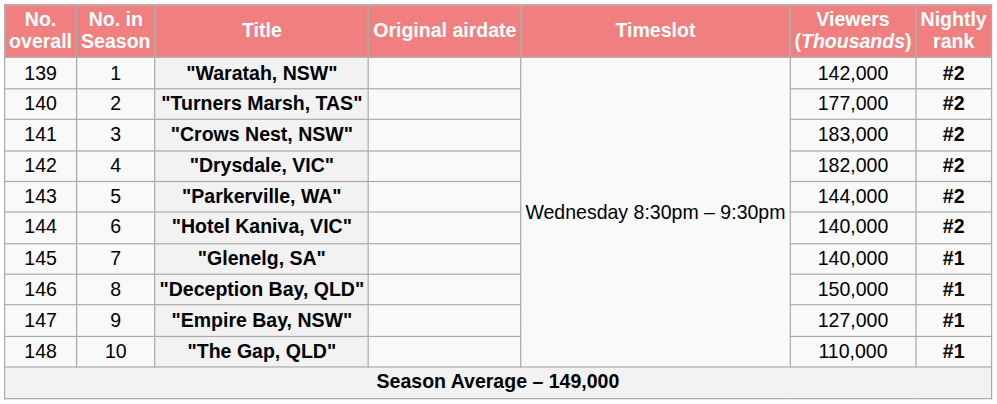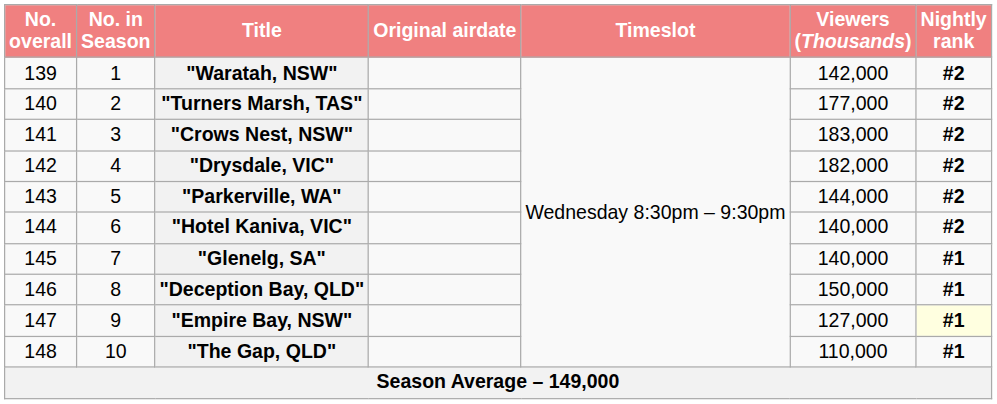 <table class="wikitable" style="text-align:center;">
 <tr>
 <th scope="col" style="background:#F08080; color:white;">No. <br>overall</th>
 <th scope="col" style="background:#F08080; color:white;">No. in<br> Season</th>
 <th scope="col" style="background:#F08080; color:white;">Title</th>
 <th scope="col" style="background:#F08080; color:white;">Original airdate</th>
 <th scope="row" style="background:#F08080; color:white;">Timeslot</th>
 <th scope="col" style="background:#F08080; color:white;">Viewers<br>(<em>Thousands</em>)</th>
 <th scope="col" style="background:#F08080; color:white;">Nightly<br>rank</th>
 </tr>
 <tr>
 <td>139</td>
 <td>1</td>
 <th>"Waratah, NSW"</th>
 <td></td>
 <td rowspan="10">Wednesday 8:30pm – 9:30pm</td>
 <td>142,000</td>
 <td><strong>#2</strong></td>
 </tr>
 <tr>
 <td>140</td>
 <td>2</td>
 <th>"Turners Marsh, TAS"</th>
 <td></td>
 <td>177,000</td>
 <td><strong>#2</strong></td>
 </tr>
 <tr>
 <td>141</td>
 <td>3</td>
 <th>"Crows Nest, NSW"</th>
 <td></td>
 <td>183,000</td>
 <td><strong>#2</strong></td>
 </tr>
 <tr>
 <td>142</td>
 <td>4</td>
 <th>"Drysdale, VIC"</th>
 <td></td>
 <td>182,000</td>
 <td><strong>#2</strong></td>
 </tr>
 <tr>
 <td>143</td>
 <td>5</td>
 <th>"Parkerville, WA"</th>
 <td></td>
 <td>144,000</td>
 <td><strong>#2</strong></td>
 </tr>
 <tr>
 <td>144</td>
 <td>6</td>
 <th>"Hotel Kaniva, VIC"</th>
 <td></td>
 <td>140,000</td>
 <td><strong>#2</strong></td>
 </tr>
 <tr>
 <td>145</td>
 <td>7</td>
 <th>"Glenelg, SA"</th>
 <td></td>
 <td>140,000</td>
 <td><strong>#1</strong></td>
 </tr>
 <tr>
 <td>146</td>
 <td>8</td>
 <th>"Deception Bay, QLD"</th>
 <td></td>
 <td>150,000</td>
 <td><strong>#1</strong></td>
 </tr>
 <tr>
 <td>147</td>
 <td>9</td>
 <th>"Empire Bay, NSW"</th>
 <td></td>
 <td>127,000</td>
-<td><strong>#1</strong></td>
+<td style="background: lightyellow;"><strong>#1</strong></td>
 </tr>
 <tr>
 <td>148</td>
 <td>10</td>
 <th>"The Gap, QLD"</th>
 <td></td>
 <td>110,000</td>
 <td><strong>#1</strong></td>
 </tr>
 <tr>
 <th colspan="7">Season Average – 149,000</th>
 </tr>
 </table>
